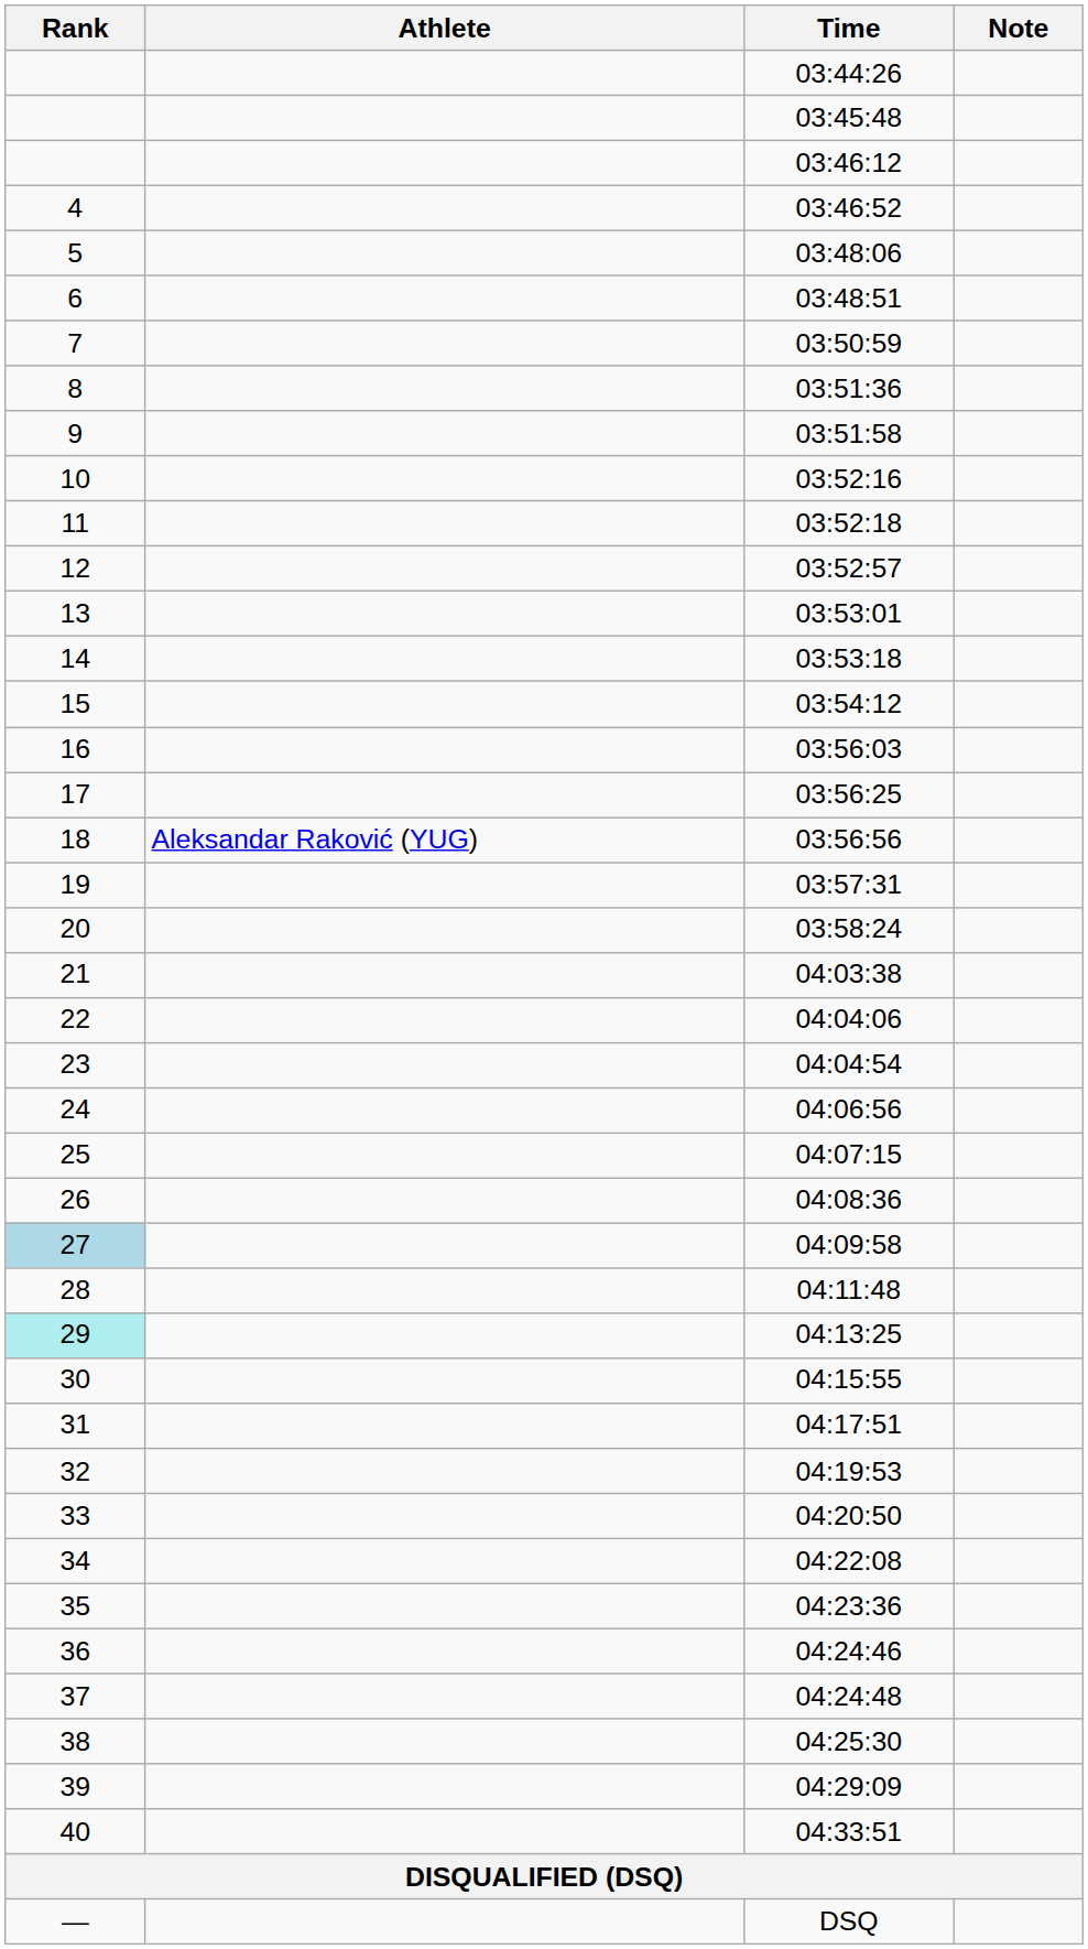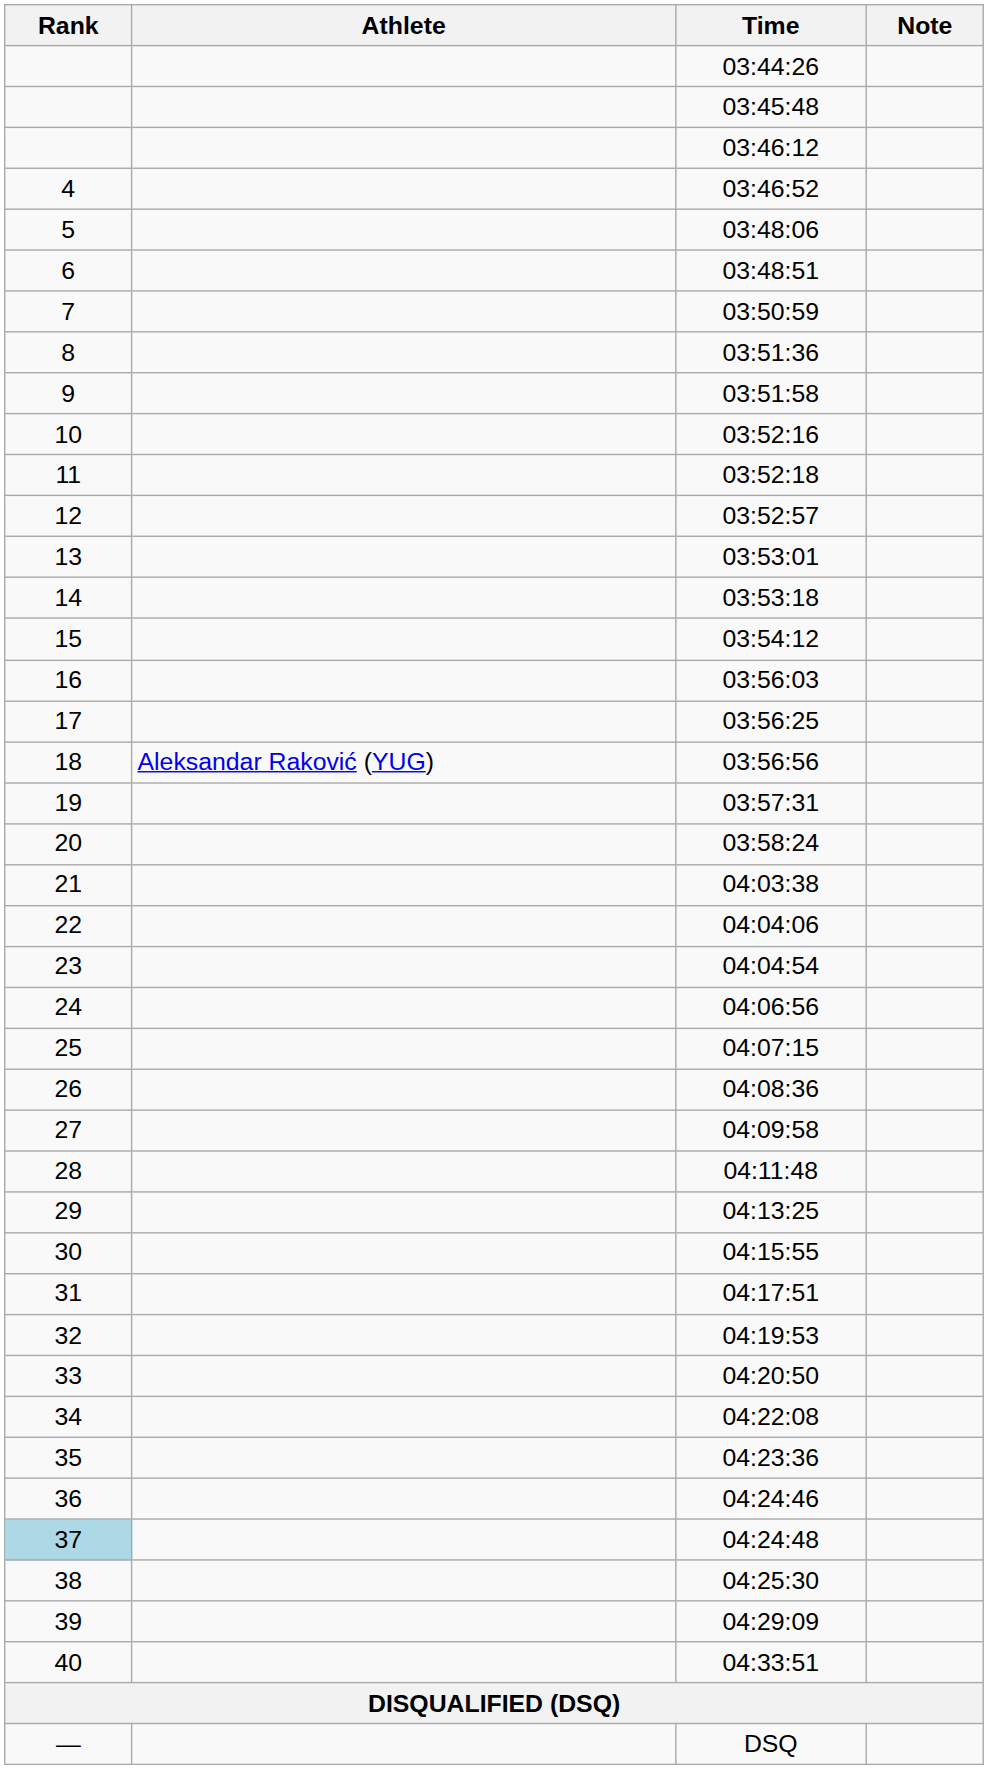 <table class="wikitable" style=" text-align:center; font-size:110%;" width="55%">
 <tr>
 <th>Rank</th>
 <th>Athlete</th>
 <th>Time</th>
 <th>Note</th>
 </tr>
 <tr>
 <td></td>
 <td align=left></td>
 <td>03:44:26</td>
 <td></td>
 </tr>
 <tr>
 <td></td>
 <td align=left></td>
 <td>03:45:48</td>
 <td></td>
 </tr>
 <tr>
 <td></td>
 <td align=left></td>
 <td>03:46:12</td>
 <td></td>
 </tr>
 <tr>
 <td>4</td>
 <td align=left></td>
 <td>03:46:52</td>
 <td></td>
 </tr>
 <tr>
 <td>5</td>
 <td align=left></td>
 <td>03:48:06</td>
 <td></td>
 </tr>
 <tr>
 <td>6</td>
 <td align=left></td>
 <td>03:48:51</td>
 <td></td>
 </tr>
 <tr>
 <td>7</td>
 <td align=left></td>
 <td>03:50:59</td>
 <td></td>
 </tr>
 <tr>
 <td>8</td>
 <td align=left></td>
 <td>03:51:36</td>
 <td></td>
 </tr>
 <tr>
 <td>9</td>
 <td align=left></td>
 <td>03:51:58</td>
 <td></td>
 </tr>
 <tr>
 <td>10</td>
 <td align=left></td>
 <td>03:52:16</td>
 <td></td>
 </tr>
 <tr>
 <td>11</td>
 <td align=left></td>
 <td>03:52:18</td>
 <td></td>
 </tr>
 <tr>
 <td>12</td>
 <td align=left></td>
 <td>03:52:57</td>
 <td></td>
 </tr>
 <tr>
 <td>13</td>
 <td align=left></td>
 <td>03:53:01</td>
 <td></td>
 </tr>
 <tr>
 <td>14</td>
 <td align=left></td>
 <td>03:53:18</td>
 <td></td>
 </tr>
 <tr>
 <td>15</td>
 <td align=left></td>
 <td>03:54:12</td>
 <td></td>
 </tr>
 <tr>
 <td>16</td>
 <td align=left></td>
 <td>03:56:03</td>
 <td></td>
 </tr>
 <tr>
 <td>17</td>
 <td align=left></td>
 <td>03:56:25</td>
 <td></td>
 </tr>
 <tr>
 <td>18</td>
 <td align=left> <a href='#'>Aleksandar Raković</a> (<a href='#'>YUG</a>)</td>
 <td>03:56:56</td>
 <td></td>
 </tr>
 <tr>
 <td>19</td>
 <td align=left></td>
 <td>03:57:31</td>
 <td></td>
 </tr>
 <tr>
 <td>20</td>
 <td align=left></td>
 <td>03:58:24</td>
 <td></td>
 </tr>
 <tr>
 <td>21</td>
 <td align=left></td>
 <td>04:03:38</td>
 <td></td>
 </tr>
 <tr>
 <td>22</td>
 <td align=left></td>
 <td>04:04:06</td>
 <td></td>
 </tr>
 <tr>
 <td>23</td>
 <td align=left></td>
 <td>04:04:54</td>
 <td></td>
 </tr>
 <tr>
 <td>24</td>
 <td align=left></td>
 <td>04:06:56</td>
 <td></td>
 </tr>
 <tr>
 <td>25</td>
 <td align=left></td>
 <td>04:07:15</td>
 <td></td>
 </tr>
 <tr>
 <td>26</td>
 <td align=left></td>
 <td>04:08:36</td>
 <td></td>
 </tr>
 <tr>
-<td style="background: lightblue;">27</td>
+<td>27</td>
 <td align=left></td>
 <td>04:09:58</td>
 <td></td>
 </tr>
 <tr>
 <td>28</td>
 <td align=left></td>
 <td>04:11:48</td>
 <td></td>
 </tr>
 <tr>
-<td style="background: paleturquoise;">29</td>
+<td>29</td>
 <td align=left></td>
 <td>04:13:25</td>
 <td></td>
 </tr>
 <tr>
 <td>30</td>
 <td align=left></td>
 <td>04:15:55</td>
 <td></td>
 </tr>
 <tr>
 <td>31</td>
 <td align=left></td>
 <td>04:17:51</td>
 <td></td>
 </tr>
 <tr>
 <td>32</td>
 <td align=left></td>
 <td>04:19:53</td>
 <td></td>
 </tr>
 <tr>
 <td>33</td>
 <td align=left></td>
 <td>04:20:50</td>
 <td></td>
 </tr>
 <tr>
 <td>34</td>
 <td align=left></td>
 <td>04:22:08</td>
 <td></td>
 </tr>
 <tr>
 <td>35</td>
 <td align=left></td>
 <td>04:23:36</td>
 <td></td>
 </tr>
 <tr>
 <td>36</td>
 <td align=left></td>
 <td>04:24:46</td>
 <td></td>
 </tr>
 <tr>
-<td>37</td>
+<td style="background: lightblue;">37</td>
 <td align=left></td>
 <td>04:24:48</td>
 <td></td>
 </tr>
 <tr>
 <td>38</td>
 <td align=left></td>
 <td>04:25:30</td>
 <td></td>
 </tr>
 <tr>
 <td>39</td>
 <td align=left></td>
 <td>04:29:09</td>
 <td></td>
 </tr>
 <tr>
 <td>40</td>
 <td align=left></td>
 <td>04:33:51</td>
 <td></td>
 </tr>
 <tr>
 <th colspan="4">DISQUALIFIED (DSQ)</th>
 </tr>
 <tr>
 <td>—</td>
 <td align=left></td>
 <td>DSQ</td>
 <td></td>
 </tr>
 </table>
